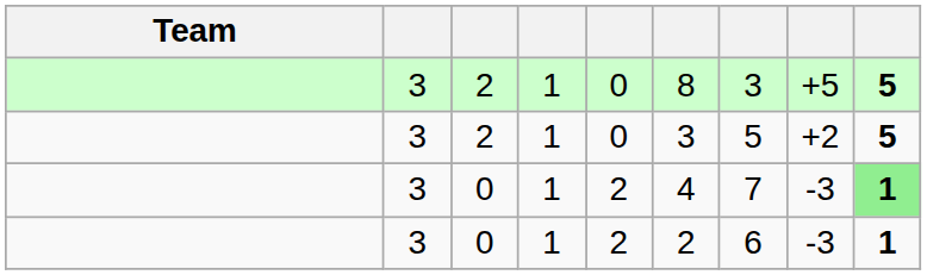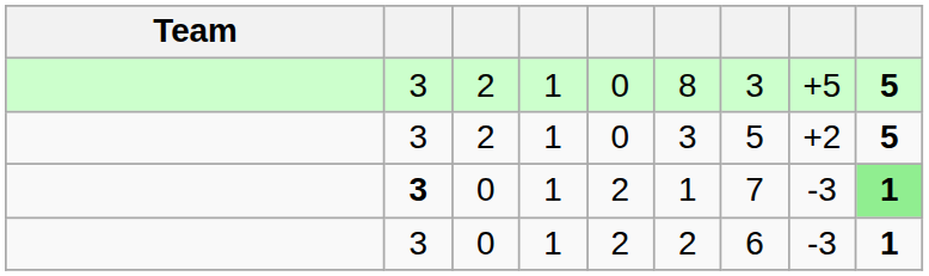 <table class="wikitable" style="text-align: center;">
 <tr>
 <th width=175>Team</th>
 <th width=25></th>
 <th width=25></th>
 <th width=25></th>
 <th width=25></th>
 <th width=25></th>
 <th width=25></th>
 <th width=25></th>
 <th width=25></th>
 </tr>
 <tr bgcolor=ccffcc>
 <td style="text-align:left;"></td>
 <td>3</td>
 <td>2</td>
 <td>1</td>
 <td>0</td>
 <td>8</td>
 <td>3</td>
 <td>+5</td>
 <td><strong>5</strong></td>
 </tr>
 <tr>
 <td style="text-align:left;"></td>
 <td>3</td>
 <td>2</td>
 <td>1</td>
 <td>0</td>
 <td>3</td>
 <td>5</td>
 <td>+2</td>
 <td><strong>5</strong></td>
 </tr>
 <tr>
 <td style="text-align:left;"></td>
-<td>3</td>
+<td><strong>3</strong></td>
 <td>0</td>
 <td>1</td>
 <td>2</td>
-<td>4</td>
+<td>1</td>
 <td>7</td>
 <td>-3</td>
 <td style="background: lightgreen;"><strong>1</strong></td>
 </tr>
 <tr>
 <td style="text-align:left;"></td>
 <td>3</td>
 <td>0</td>
 <td>1</td>
 <td>2</td>
 <td>2</td>
 <td>6</td>
 <td>-3</td>
 <td><strong>1</strong></td>
 </tr>
 </table>
